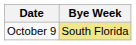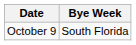 <table class="wikitable" style="font-size:95%;">
 <tr>
 <th>Date</th>
 <th colspan="1">Bye Week</th>
 </tr>
 <tr>
 <td>October 9</td>
-<td style="background: khaki;">South Florida</td>
+<td>South Florida</td>
 </tr>
 </table>
